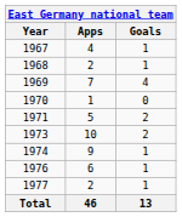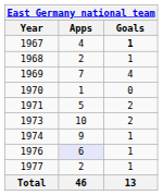 <table class="wikitable" style="text-align:center">
 <tr>
 <th colspan=3><a href='#'>East Germany national team</a></th>
 </tr>
 <tr>
 <th>Year</th>
 <th>Apps</th>
 <th>Goals</th>
 </tr>
 <tr>
 <td>1967</td>
 <td>4</td>
-<td>1</td>
+<td><strong>1</strong></td>
 </tr>
 <tr>
 <td>1968</td>
 <td>2</td>
 <td>1</td>
 </tr>
 <tr>
 <td>1969</td>
 <td>7</td>
 <td>4</td>
 </tr>
 <tr>
 <td>1970</td>
 <td>1</td>
 <td>0</td>
 </tr>
 <tr>
 <td>1971</td>
 <td>5</td>
 <td>2</td>
 </tr>
 <tr>
 <td>1973</td>
 <td>10</td>
 <td>2</td>
 </tr>
 <tr>
 <td>1974</td>
 <td>9</td>
 <td>1</td>
 </tr>
 <tr>
 <td>1976</td>
-<td>6</td>
+<td style="background: lavender;">6</td>
 <td>1</td>
 </tr>
 <tr>
 <td>1977</td>
 <td>2</td>
 <td>1</td>
 </tr>
 <tr>
 <th>Total</th>
 <th>46</th>
 <th>13</th>
 </tr>
 </table>
